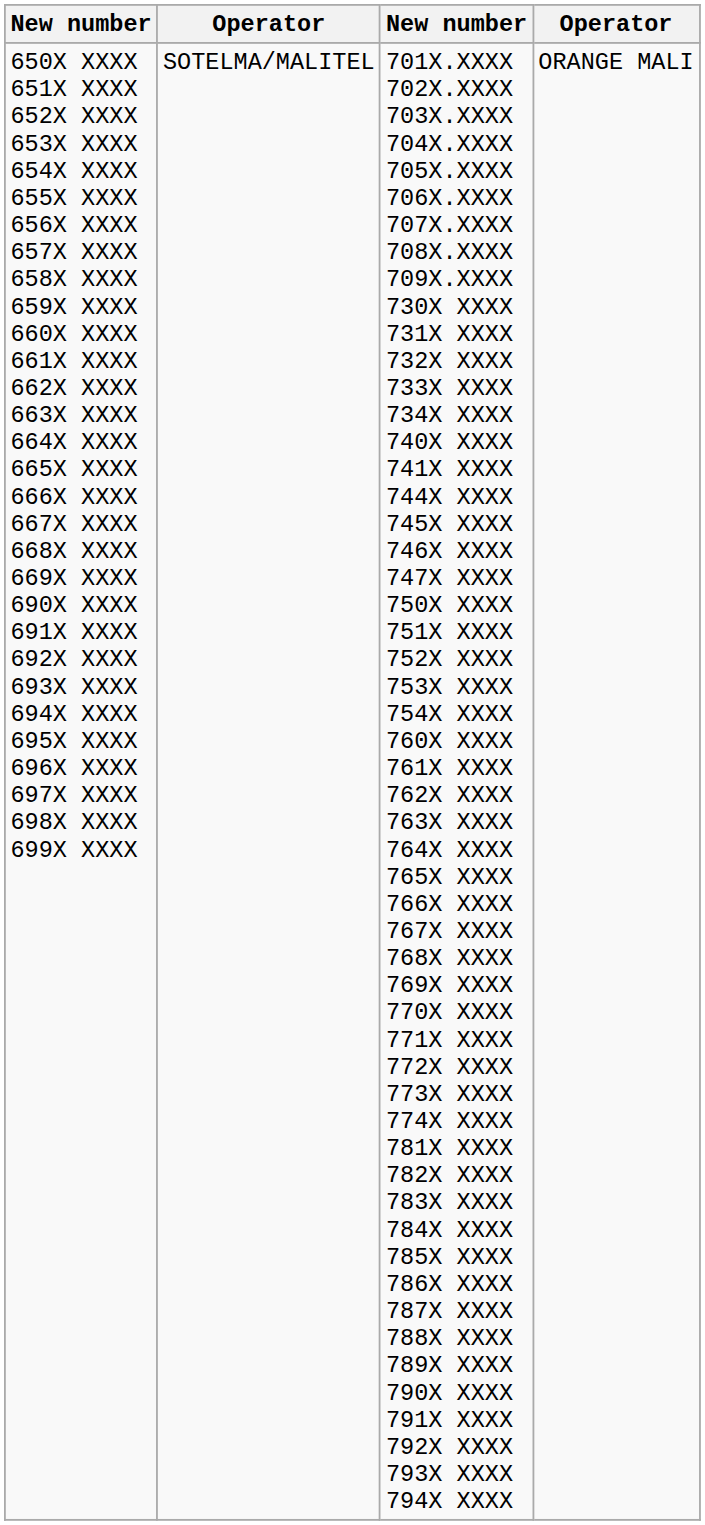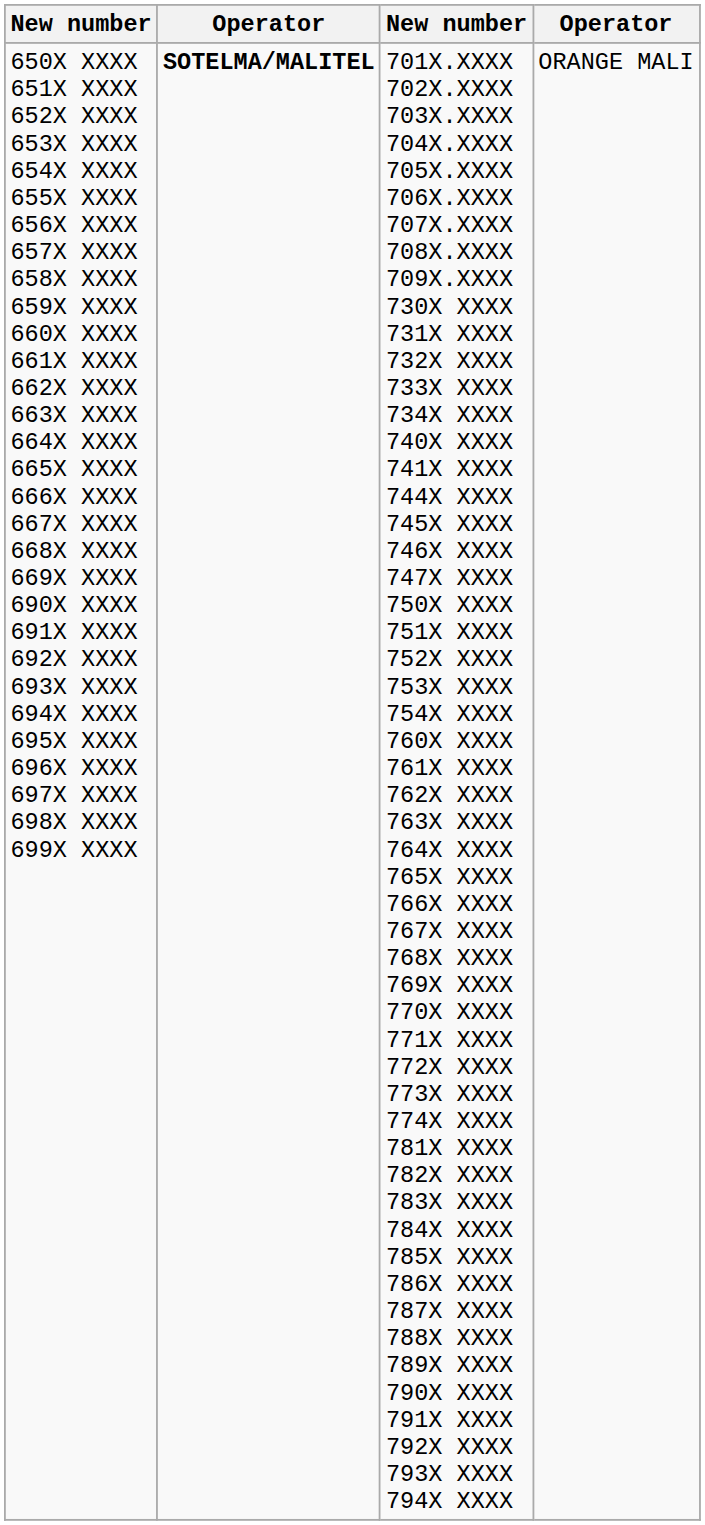 <table class="wikitable">
 <tr>
 <th>New number</th>
 <th>Operator</th>
 <th>New number</th>
 <th>Operator</th>
 </tr>
 <tr>
 <td valign="top">650X XXXX<br>651X XXXX<br>652X XXXX<br>653X XXXX<br>654X XXXX<br>655X XXXX<br>656X XXXX<br>657X XXXX<br>658X XXXX<br>659X XXXX<br>660X XXXX<br>661X XXXX<br>662X XXXX<br>663X XXXX<br>664X XXXX<br>665X XXXX<br>666X XXXX<br>667X XXXX<br>668X XXXX<br>669X XXXX<br>690X XXXX<br>691X XXXX<br>692X XXXX<br>693X XXXX<br>694X XXXX<br>695X XXXX<br>696X XXXX<br>697X XXXX<br>698X XXXX<br>699X XXXX</td>
-<td valign="top">SOTELMA/MALITEL</td>
+<td valign="top"><strong>SOTELMA/MALITEL</strong></td>
 <td>701X.XXXX<br>702X.XXXX<br>703X.XXXX<br>704X.XXXX<br>705X.XXXX<br>706X.XXXX<br>707X.XXXX<br>708X.XXXX<br>709X.XXXX<br>730X XXXX<br>731X XXXX<br>732X XXXX<br>733X XXXX<br>734X XXXX<br>740X XXXX<br>741X XXXX<br>744X XXXX<br>745X XXXX<br>746X XXXX<br>747X XXXX<br>750X XXXX<br>751X XXXX<br>752X XXXX<br>753X XXXX<br>754X XXXX<br>760X XXXX<br>761X XXXX<br>762X XXXX<br>763X XXXX<br>764X XXXX<br>765X XXXX<br>766X XXXX<br>767X XXXX<br>768X XXXX<br>769X XXXX<br>770X XXXX<br>771X XXXX<br>772X XXXX<br>773X XXXX<br>774X XXXX<br>781X XXXX<br>782X XXXX<br>783X XXXX<br>784X XXXX<br>785X XXXX<br>786X XXXX<br>787X XXXX<br>788X XXXX<br>789X XXXX<br>790X XXXX<br>791X XXXX<br>792X XXXX<br>793X XXXX<br>794X XXXX</td>
 <td valign="top">ORANGE MALI</td>
 </tr>
 </table>
